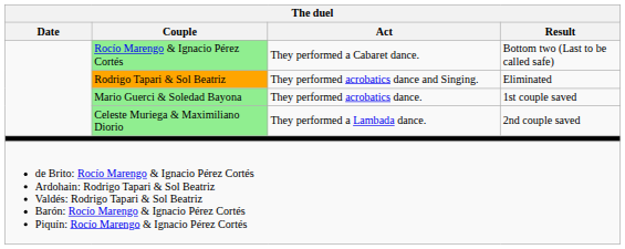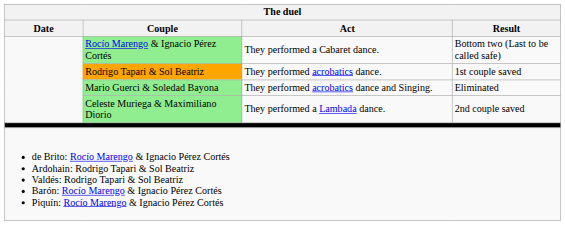 <table class="wikitable collapsible collapsed" style="text-align: align; width: 100%;">
 <tr>
 <th colspan="11" style="with: 100%;" align="center">The duel</th>
 </tr>
 <tr>
 <th width=85>Date</th>
 <th width=180>Couple</th>
 <th width=240>Act</th>
 <th width=120>Result</th>
 </tr>
 <tr>
 <td rowspan="4"></td>
 <td bgcolor="lightgreen"><a href='#'>Rocío Marengo</a> & Ignacio Pérez Cortés</td>
 <td>They performed a Cabaret dance.<br></td>
 <td>Bottom two (Last to be called safe)</td>
 </tr>
 <tr>
 <td bgcolor="orange">Rodrigo Tapari & Sol Beatriz</td>
-<td>They performed <a href='#'>acrobatics</a> dance and Singing.<br></td>
-<td>Eliminated</td>
+<td>They performed <a href='#'>acrobatics</a> dance.<br></td>
+<td>1st couple saved</td>
 </tr>
 <tr>
 <td bgcolor="lightgreen">Mario Guerci & Soledad Bayona</td>
-<td>They performed <a href='#'>acrobatics</a> dance.<br></td>
-<td>1st couple saved</td>
+<td>They performed <a href='#'>acrobatics</a> dance and Singing.<br></td>
+<td>Eliminated</td>
 </tr>
 <tr>
 <td bgcolor="lightgreen">Celeste Muriega & Maximiliano Diorio</td>
 <td>They performed a <a href='#'>Lambada</a> dance.<br></td>
 <td>2nd couple saved</td>
 </tr>
 <tr>
 <th style="background:black" colspan="4"></th>
 </tr>
 <tr>
 <td colspan="4"><br><ul><li>de Brito: <a href='#'>Rocío Marengo</a> & Ignacio Pérez Cortés</li><li>Ardohain: Rodrigo Tapari & Sol Beatriz</li><li>Valdés: Rodrigo Tapari & Sol Beatriz</li><li>Barón: <a href='#'>Rocío Marengo</a> & Ignacio Pérez Cortés</li><li>Piquín: <a href='#'>Rocío Marengo</a> & Ignacio Pérez Cortés</li></ul></td>
 </tr>
 </table>
